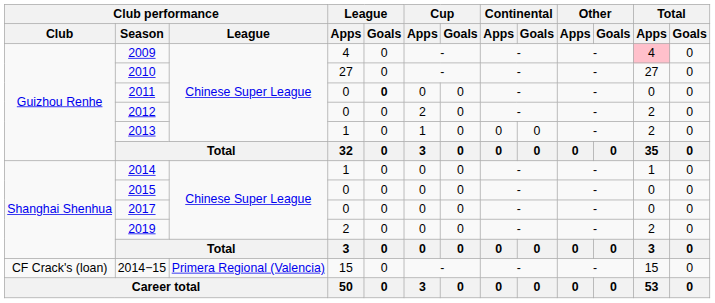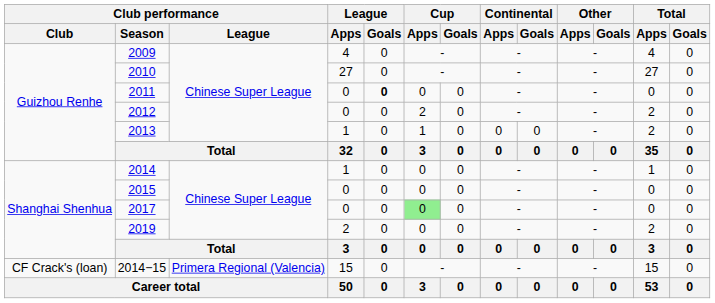 <table class="wikitable" style="text-align:center">
 <tr>
 <th colspan=3>Club performance</th>
 <th colspan=2>League</th>
 <th colspan=2>Cup</th>
 <th colspan=2>Continental</th>
 <th colspan=2>Other</th>
 <th colspan=2>Total</th>
 </tr>
 <tr>
 <th>Club</th>
 <th>Season</th>
 <th>League</th>
 <th>Apps</th>
 <th>Goals</th>
 <th>Apps</th>
 <th>Goals</th>
 <th>Apps</th>
 <th>Goals</th>
 <th>Apps</th>
 <th>Goals</th>
 <th>Apps</th>
 <th>Goals</th>
 </tr>
 <tr>
 <td rowspan=6><a href='#'>Guizhou Renhe</a></td>
 <td><a href='#'>2009</a></td>
 <td rowspan=5><a href='#'>Chinese Super League</a></td>
 <td>4</td>
 <td>0</td>
 <td colspan="2">-</td>
 <td colspan="2">-</td>
 <td colspan="2">-</td>
-<td style="background: pink;">4</td>
+<td>4</td>
 <td>0</td>
 </tr>
 <tr>
 <td><a href='#'>2010</a></td>
 <td>27</td>
 <td>0</td>
 <td colspan="2">-</td>
 <td colspan="2">-</td>
 <td colspan="2">-</td>
 <td>27</td>
 <td>0</td>
 </tr>
 <tr>
 <td><a href='#'>2011</a></td>
 <td>0</td>
 <td><strong>0</strong></td>
 <td>0</td>
 <td>0</td>
 <td colspan="2">-</td>
 <td colspan="2">-</td>
 <td>0</td>
 <td>0</td>
 </tr>
 <tr>
 <td><a href='#'>2012</a></td>
 <td>0</td>
 <td>0</td>
 <td>2</td>
 <td>0</td>
 <td colspan="2">-</td>
 <td colspan="2">-</td>
 <td>2</td>
 <td>0</td>
 </tr>
 <tr>
 <td><a href='#'>2013</a></td>
 <td>1</td>
 <td>0</td>
 <td>1</td>
 <td>0</td>
 <td>0</td>
 <td>0</td>
 <td colspan="2">-</td>
 <td>2</td>
 <td>0</td>
 </tr>
 <tr>
 <th colspan=2>Total</th>
 <th>32</th>
 <th>0</th>
 <th>3</th>
 <th>0</th>
 <th>0</th>
 <th>0</th>
 <th>0</th>
 <th>0</th>
 <th>35</th>
 <th>0</th>
 </tr>
 <tr>
 <td rowspan=5><a href='#'>Shanghai Shenhua</a></td>
 <td><a href='#'>2014</a></td>
 <td rowspan=4><a href='#'>Chinese Super League</a></td>
 <td>1</td>
 <td>0</td>
 <td>0</td>
 <td>0</td>
 <td colspan="2">-</td>
 <td colspan="2">-</td>
 <td>1</td>
 <td>0</td>
 </tr>
 <tr>
 <td><a href='#'>2015</a></td>
 <td>0</td>
 <td>0</td>
 <td>0</td>
 <td>0</td>
 <td colspan="2">-</td>
 <td colspan="2">-</td>
 <td>0</td>
 <td>0</td>
 </tr>
 <tr>
 <td><a href='#'>2017</a></td>
 <td>0</td>
 <td>0</td>
-<td>0</td>
+<td style="background: lightgreen;">0</td>
 <td>0</td>
 <td colspan="2">-</td>
 <td colspan="2">-</td>
 <td>0</td>
 <td>0</td>
 </tr>
 <tr>
 <td><a href='#'>2019</a></td>
 <td>2</td>
 <td>0</td>
 <td>0</td>
 <td>0</td>
 <td colspan="2">-</td>
 <td colspan="2">-</td>
 <td>2</td>
 <td>0</td>
 </tr>
 <tr>
 <th colspan=2>Total</th>
 <th>3</th>
 <th>0</th>
 <th>0</th>
 <th>0</th>
 <th>0</th>
 <th>0</th>
 <th>0</th>
 <th>0</th>
 <th>3</th>
 <th>0</th>
 </tr>
 <tr>
 <td>CF Crack's (loan)</td>
 <td>2014−15</td>
 <td><a href='#'>Primera Regional (Valencia)</a></td>
 <td>15</td>
 <td>0</td>
 <td colspan="2">-</td>
 <td colspan="2">-</td>
 <td colspan="2">-</td>
 <td>15</td>
 <td>0</td>
 </tr>
 <tr>
 <th colspan=3>Career total</th>
 <th>50</th>
 <th>0</th>
 <th>3</th>
 <th>0</th>
 <th>0</th>
 <th>0</th>
 <th>0</th>
 <th>0</th>
 <th>53</th>
 <th>0</th>
 </tr>
 </table>
